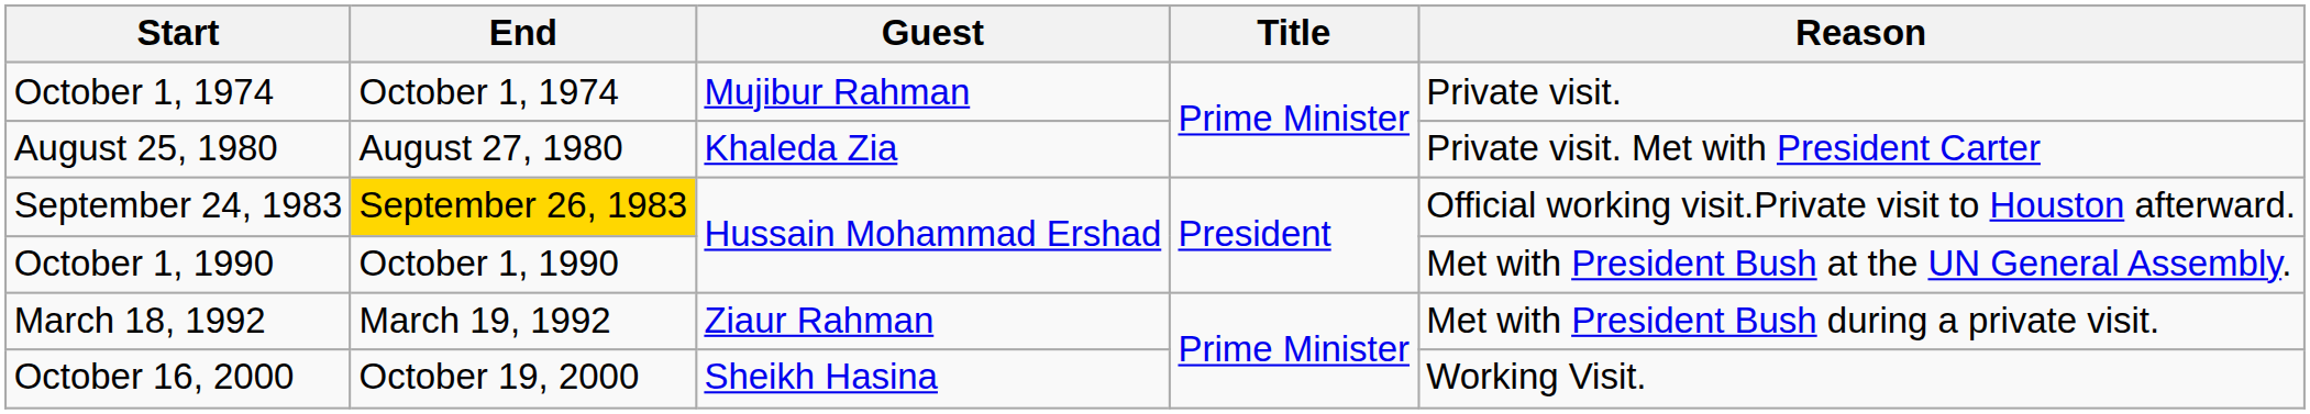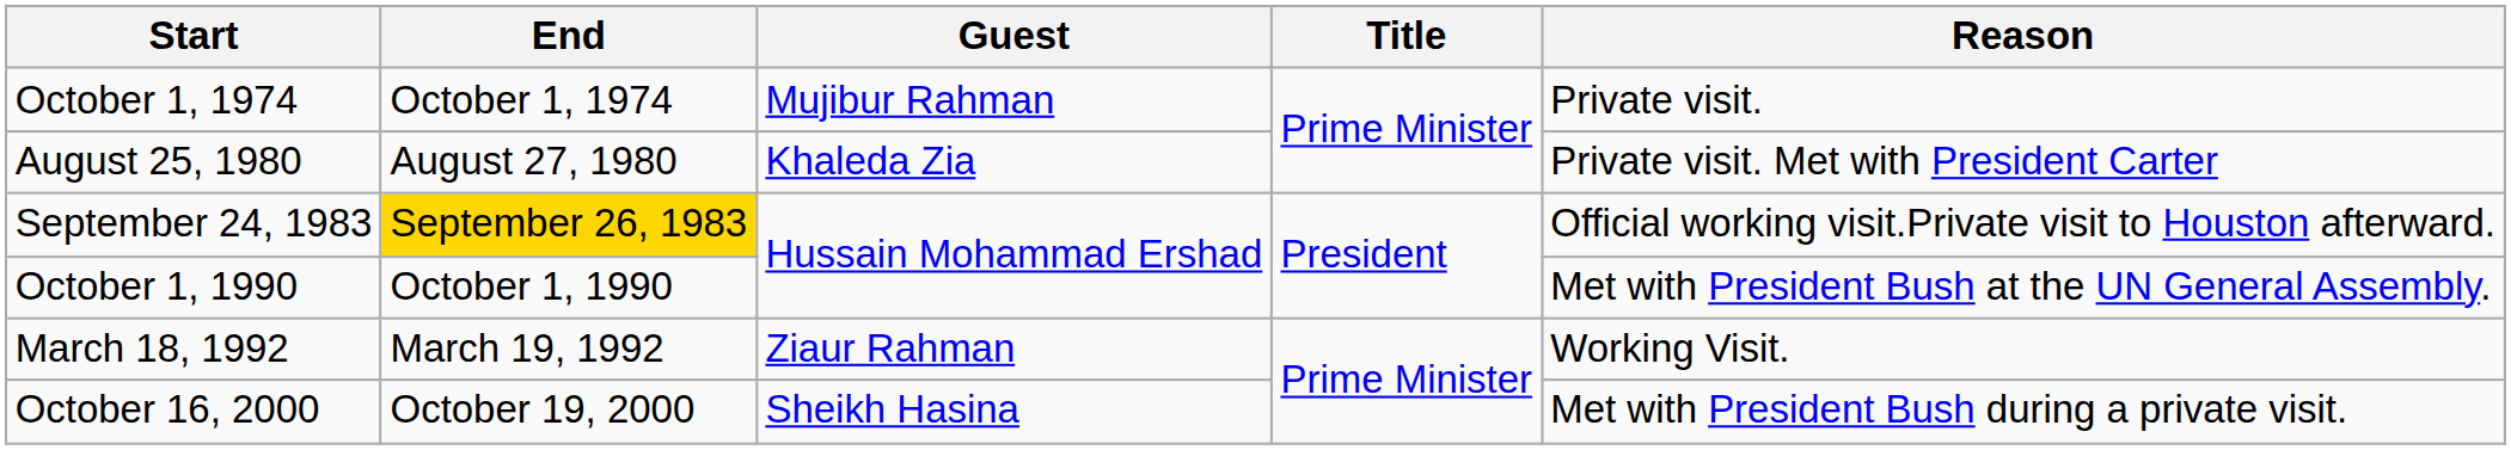 <table class="wikitable sortable">
 <tr>
 <th>Start</th>
 <th>End</th>
 <th>Guest</th>
 <th>Title</th>
 <th>Reason</th>
 </tr>
 <tr>
 <td>October 1, 1974</td>
 <td>October 1, 1974</td>
 <td><a href='#'>Mujibur Rahman</a></td>
 <td rowspan=2><a href='#'>Prime Minister</a></td>
 <td>Private visit.</td>
 </tr>
 <tr>
 <td>August 25, 1980</td>
 <td>August 27, 1980</td>
 <td><a href='#'>Khaleda Zia</a></td>
 <td>Private visit. Met with <a href='#'>President Carter</a></td>
 </tr>
 <tr>
 <td>September 24, 1983</td>
 <td style="background: gold;">September 26, 1983</td>
 <td rowspan=2><a href='#'>Hussain Mohammad Ershad</a></td>
 <td rowspan=2><a href='#'>President</a></td>
 <td>Official working visit.Private visit to <a href='#'>Houston</a> afterward.</td>
 </tr>
 <tr>
 <td>October 1, 1990</td>
 <td>October 1, 1990</td>
 <td>Met with <a href='#'>President Bush</a> at the <a href='#'>UN General Assembly</a>.</td>
 </tr>
 <tr>
 <td>March 18, 1992</td>
 <td>March 19, 1992</td>
 <td><a href='#'>Ziaur Rahman</a></td>
 <td rowspan=2><a href='#'>Prime Minister</a></td>
-<td>Met with <a href='#'>President Bush</a> during a private visit.</td>
+<td>Working Visit.</td>
 </tr>
 <tr>
 <td>October 16, 2000</td>
 <td>October 19, 2000</td>
 <td><a href='#'>Sheikh Hasina</a></td>
-<td>Working Visit.</td>
+<td>Met with <a href='#'>President Bush</a> during a private visit.</td>
 </tr>
 </table>
